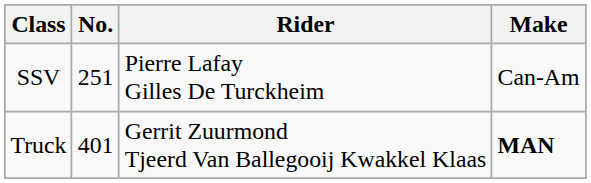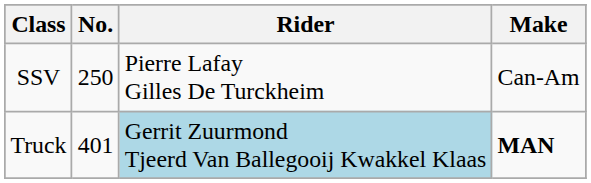 <table class="wikitable" style="font-size:85%;">
 <tr>
 <th>Class</th>
 <th>No.</th>
 <th>Rider</th>
 <th>Make</th>
 </tr>
 <tr>
 <td align="center">SSV</td>
-<td>251</td>
+<td>250</td>
 <td> Pierre Lafay<br> Gilles De Turckheim</td>
 <td>Can-Am</td>
 </tr>
 <tr>
 <td align="center">Truck</td>
 <td>401</td>
-<td><strong></strong> Gerrit Zuurmond<br><strong></strong> Tjeerd Van Ballegooij <strong></strong> Kwakkel Klaas</td>
+<td style="background: lightblue;"><strong></strong> Gerrit Zuurmond<br><strong></strong> Tjeerd Van Ballegooij <strong></strong> Kwakkel Klaas</td>
 <td><strong>MAN</strong></td>
 </tr>
 </table>
